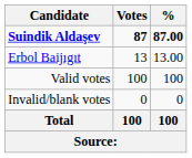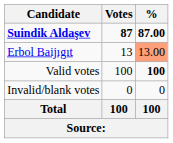 <table class="wikitable" style="text-align:right">
 <tr>
 <th>Candidate</th>
 <th>Votes</th>
 <th>%</th>
 </tr>
 <tr>
 <td align="left"><strong><a href='#'>Suindik Aldaşev</a></strong></td>
 <td><strong>87</strong></td>
 <td><strong>87.00</strong></td>
 </tr>
 <tr>
 <td align="left"><a href='#'>Erbol Baijıgıt</a></td>
 <td>13</td>
-<td>13.00</td>
+<td style="background: lightsalmon;">13.00</td>
 </tr>
 <tr>
 <td>Valid votes</td>
 <td>100</td>
-<td>100</td>
+<td><strong>100</strong></td>
 </tr>
 <tr>
 <td>Invalid/blank votes</td>
 <td>0</td>
 <td>0</td>
 </tr>
 <tr>
 <th>Total</th>
 <th>100</th>
 <th>100</th>
 </tr>
 <tr>
 <th colspan="3">Source: </th>
 </tr>
 </table>
